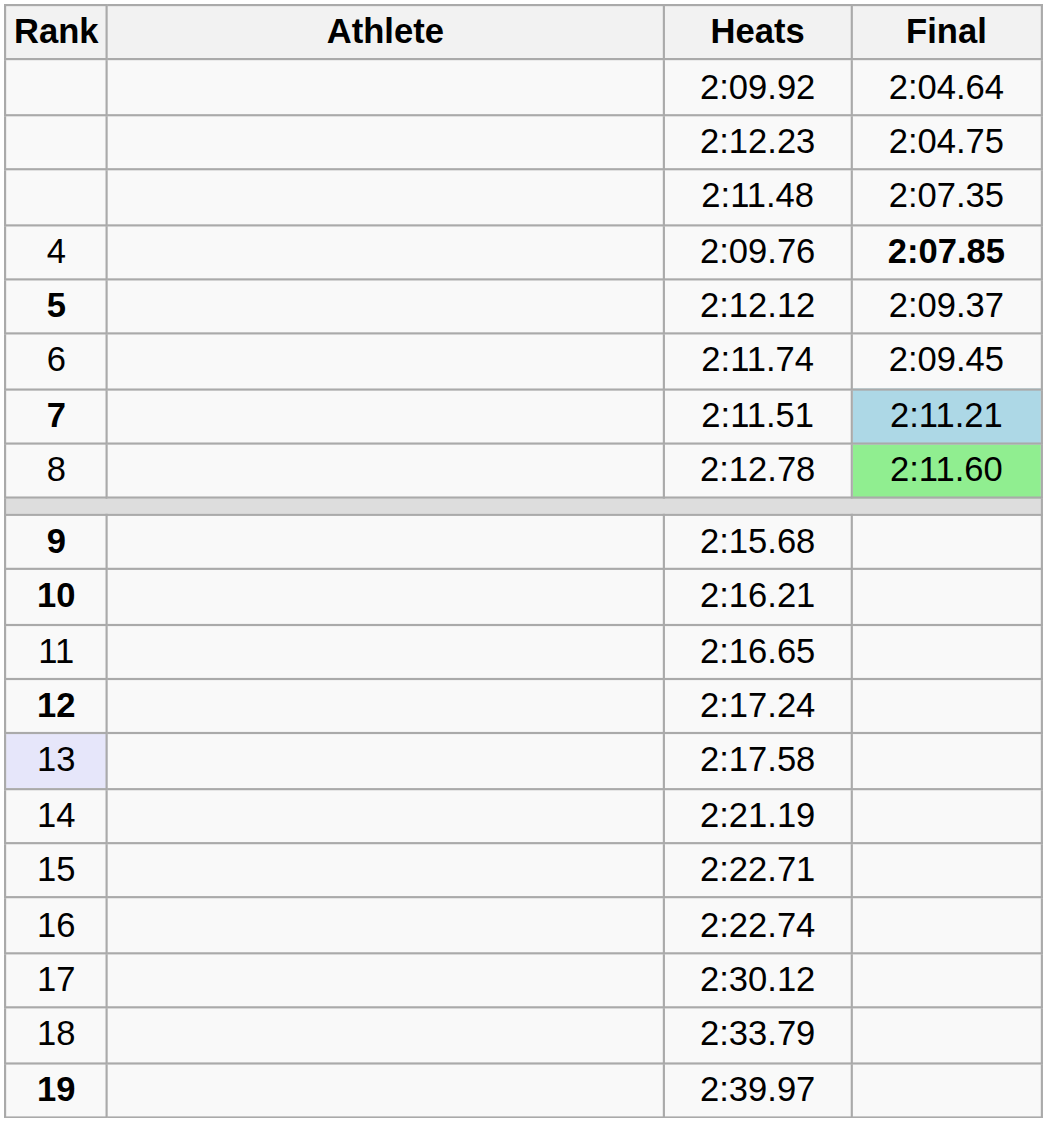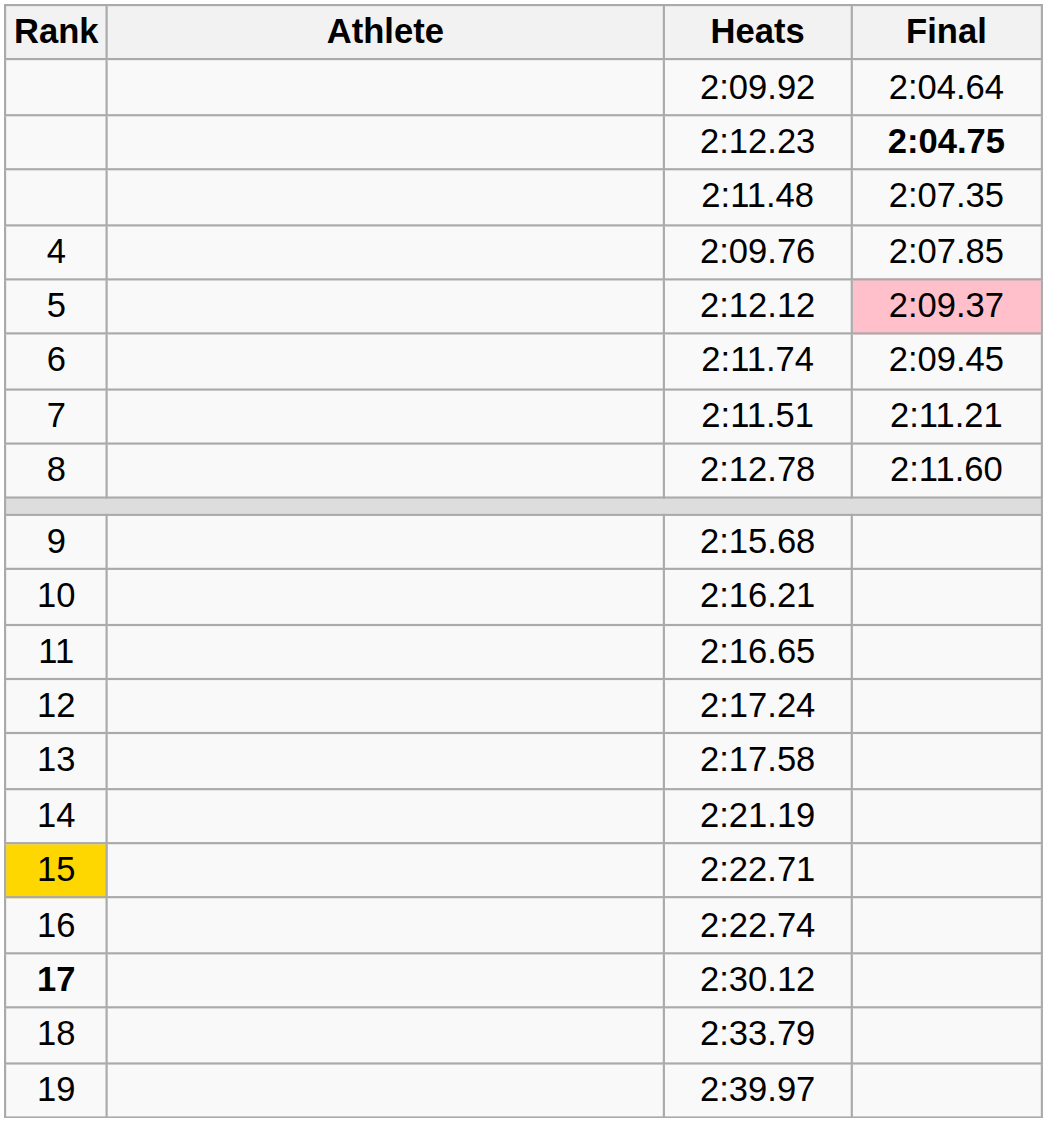 <table class=wikitable style="text-align:center">
 <tr>
 <th width=40>Rank</th>
 <th width=250>Athlete</th>
 <th width=80>Heats</th>
 <th width=80>Final</th>
 </tr>
 <tr>
 <td></td>
 <td align=left></td>
 <td>2:09.92</td>
 <td>2:04.64</td>
 </tr>
 <tr>
 <td></td>
 <td align=left></td>
 <td>2:12.23</td>
-<td>2:04.75</td>
+<td><strong>2:04.75</strong></td>
 </tr>
 <tr>
 <td></td>
 <td align=left></td>
 <td>2:11.48</td>
 <td>2:07.35</td>
 </tr>
 <tr>
 <td>4</td>
 <td align=left></td>
 <td>2:09.76</td>
-<td><strong>2:07.85</strong></td>
+<td>2:07.85</td>
 </tr>
 <tr>
-<td><strong>5</strong></td>
+<td>5</td>
 <td align=left></td>
 <td>2:12.12</td>
-<td>2:09.37</td>
+<td style="background: pink;">2:09.37</td>
 </tr>
 <tr>
 <td>6</td>
 <td align=left></td>
 <td>2:11.74</td>
 <td>2:09.45</td>
 </tr>
 <tr>
-<td><strong>7</strong></td>
+<td>7</td>
 <td align=left></td>
 <td>2:11.51</td>
-<td style="background: lightblue;">2:11.21</td>
+<td>2:11.21</td>
 </tr>
 <tr>
 <td>8</td>
 <td align=left></td>
 <td>2:12.78</td>
-<td style="background: lightgreen;">2:11.60</td>
+<td>2:11.60</td>
 </tr>
 <tr bgcolor=#DDDDDD>
 <td colspan=4></td>
 </tr>
 <tr>
-<td><strong>9</strong></td>
+<td>9</td>
 <td align=left></td>
 <td>2:15.68</td>
 <td></td>
 </tr>
 <tr>
-<td><strong>10</strong></td>
+<td>10</td>
 <td align=left></td>
 <td>2:16.21</td>
 <td></td>
 </tr>
 <tr>
 <td>11</td>
 <td align=left></td>
 <td>2:16.65</td>
 <td></td>
 </tr>
 <tr>
-<td><strong>12</strong></td>
+<td>12</td>
 <td align=left></td>
 <td>2:17.24</td>
 <td></td>
 </tr>
 <tr>
-<td style="background: lavender;">13</td>
+<td>13</td>
 <td align=left></td>
 <td>2:17.58</td>
 <td></td>
 </tr>
 <tr>
 <td>14</td>
 <td align=left></td>
 <td>2:21.19</td>
 <td></td>
 </tr>
 <tr>
-<td>15</td>
+<td style="background: gold;">15</td>
 <td align=left></td>
 <td>2:22.71</td>
 <td></td>
 </tr>
 <tr>
 <td>16</td>
 <td align=left></td>
 <td>2:22.74</td>
 <td></td>
 </tr>
 <tr>
-<td>17</td>
+<td><strong>17</strong></td>
 <td align=left></td>
 <td>2:30.12</td>
 <td></td>
 </tr>
 <tr>
 <td>18</td>
 <td align=left></td>
 <td>2:33.79</td>
 <td></td>
 </tr>
 <tr>
-<td><strong>19</strong></td>
+<td>19</td>
 <td align=left></td>
 <td>2:39.97</td>
 <td></td>
 </tr>
 </table>
